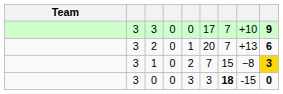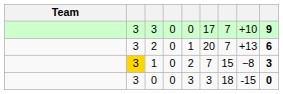 <table class="wikitable" style="text-align: center;">
 <tr>
 <th width="175">Team</th>
 <th width="20"></th>
 <th width="20"></th>
 <th width="20"></th>
 <th width="20"></th>
 <th width="20"></th>
 <th width="20"></th>
 <th width="20"></th>
 <th width="20"></th>
 </tr>
 <tr style="background-color: #ccffcc;">
 <td align=left></td>
 <td>3</td>
 <td>3</td>
 <td>0</td>
 <td>0</td>
 <td>17</td>
 <td>7</td>
 <td>+10</td>
 <td><strong>9</strong></td>
 </tr>
 <tr>
 <td align=left></td>
 <td>3</td>
 <td>2</td>
 <td>0</td>
 <td>1</td>
 <td>20</td>
 <td>7</td>
 <td>+13</td>
 <td><strong>6</strong></td>
 </tr>
 <tr>
 <td align=left></td>
-<td>3</td>
+<td style="background: gold;">3</td>
 <td>1</td>
 <td>0</td>
 <td>2</td>
 <td>7</td>
 <td>15</td>
 <td>−8</td>
-<td style="background: gold;"><strong>3</strong></td>
+<td><strong>3</strong></td>
 </tr>
 <tr>
 <td align=left></td>
 <td>3</td>
 <td>0</td>
 <td>0</td>
 <td>3</td>
 <td>3</td>
-<td><strong>18</strong></td>
+<td>18</td>
 <td>-15</td>
 <td><strong>0</strong></td>
 </tr>
 </table>
